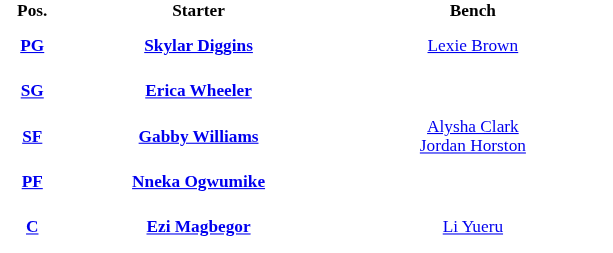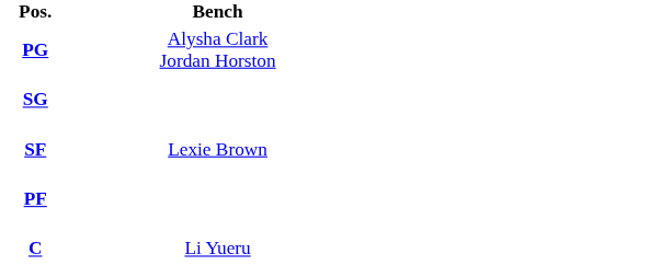 <table style="text-align:center; ">
 <tr>
 <th width="50">Pos.</th>
-<th width="250">Starter</th>
 <th width="250">Bench</th>
 </tr>
 <tr style="height:40px; background:white; color:#092C57">
 <th><a href='#'><span>PG</span></a></th>
-<td><strong><a href='#'>Skylar Diggins</a></strong></td>
-<td><a href='#'>Lexie Brown</a></td>
+<td><a href='#'>Alysha Clark</a><br><a href='#'>Jordan Horston</a></td>
 </tr>
 <tr style="height:40px; background:white; color:#092C57">
 <th><a href='#'><span>SG</span></a></th>
-<td><strong><a href='#'>Erica Wheeler</a></strong></td>
 <td><br></td>
 </tr>
 <tr style="height:40px; background:white; color:#092C57">
 <th><a href='#'><span>SF</span></a></th>
-<td><strong><a href='#'>Gabby Williams</a></strong></td>
-<td><a href='#'>Alysha Clark</a><br><a href='#'>Jordan Horston</a></td>
+<td><a href='#'>Lexie Brown</a></td>
 </tr>
 <tr style="height:40px; background:white; color:#092C57">
 <th><a href='#'><span>PF</span></a></th>
-<td><strong><a href='#'>Nneka Ogwumike</a></strong></td>
 <td></td>
 </tr>
 <tr style="height:40px; background:white; color:#092C57">
 <th><a href='#'><span>C</span></a></th>
-<td><strong><a href='#'>Ezi Magbegor</a></strong></td>
 <td><a href='#'>Li Yueru</a></td>
 </tr>
 </table>
